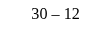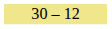 <table style="text-align:center">
 <tr>
 <th width=200></th>
 <th width=100></th>
 <th width=200></th>
 </tr>
 <tr>
 <td align=right><strong></strong></td>
-<td>30 – 12</td>
+<td style="background: khaki;">30 – 12</td>
 <td align=left></td>
 </tr>
 </table>
